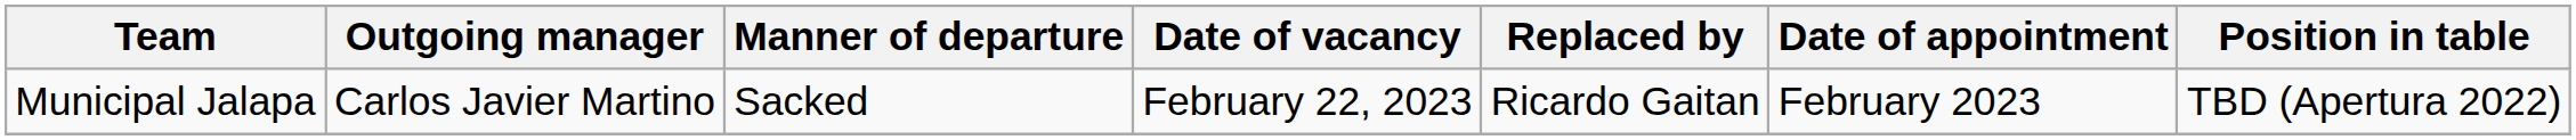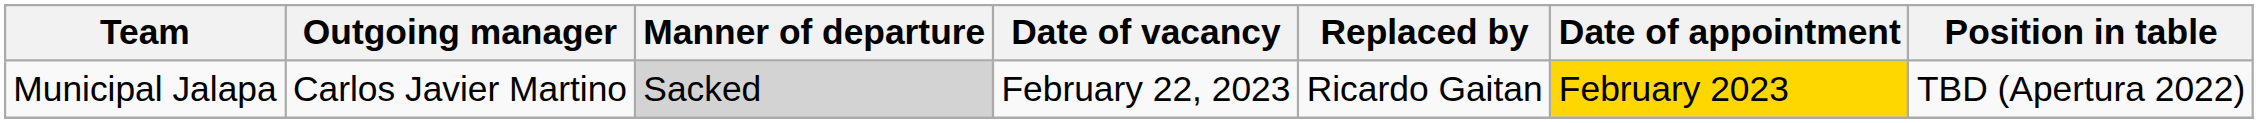 <table class="wikitable">
 <tr>
 <th>Team</th>
 <th>Outgoing manager</th>
 <th>Manner of departure</th>
 <th>Date of vacancy</th>
 <th>Replaced by</th>
 <th>Date of appointment</th>
 <th>Position in table</th>
 </tr>
 <tr>
 <td>Municipal Jalapa</td>
 <td> Carlos Javier Martino</td>
-<td>Sacked</td>
+<td style="background: lightgrey;">Sacked</td>
 <td>February 22, 2023</td>
 <td> Ricardo Gaitan</td>
-<td>February 2023</td>
+<td style="background: gold;">February 2023</td>
 <td>TBD (Apertura 2022)</td>
 </tr>
 <tr>
 </tr>
 </table>
